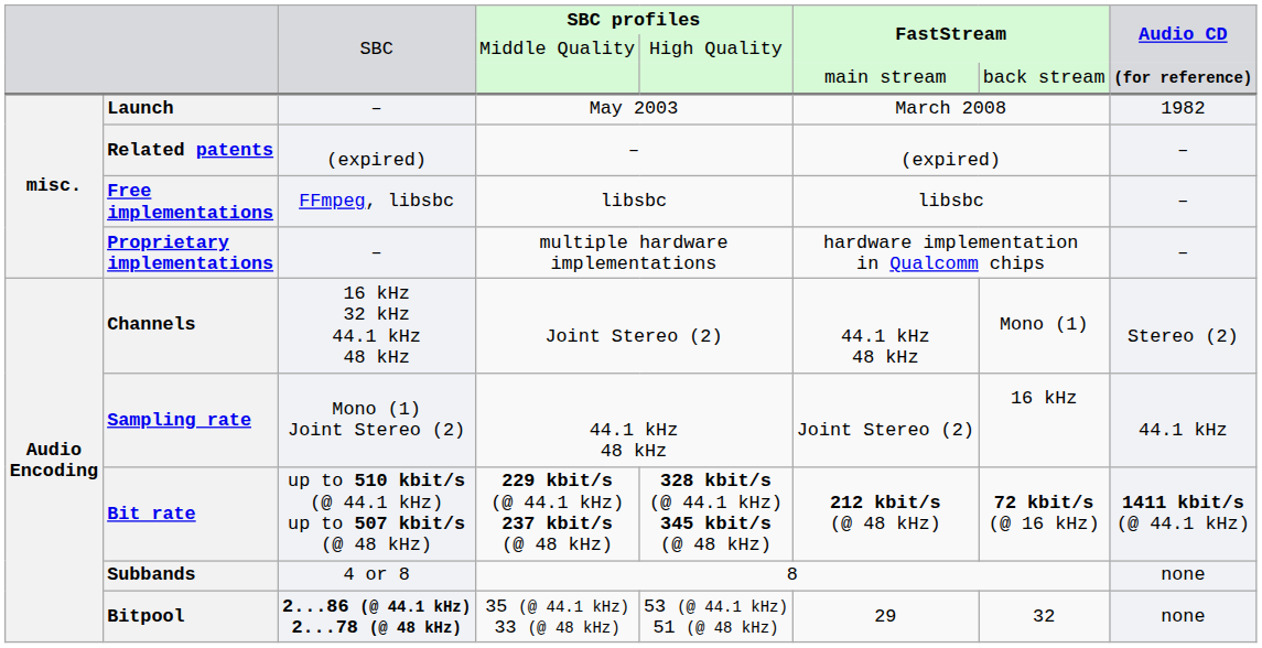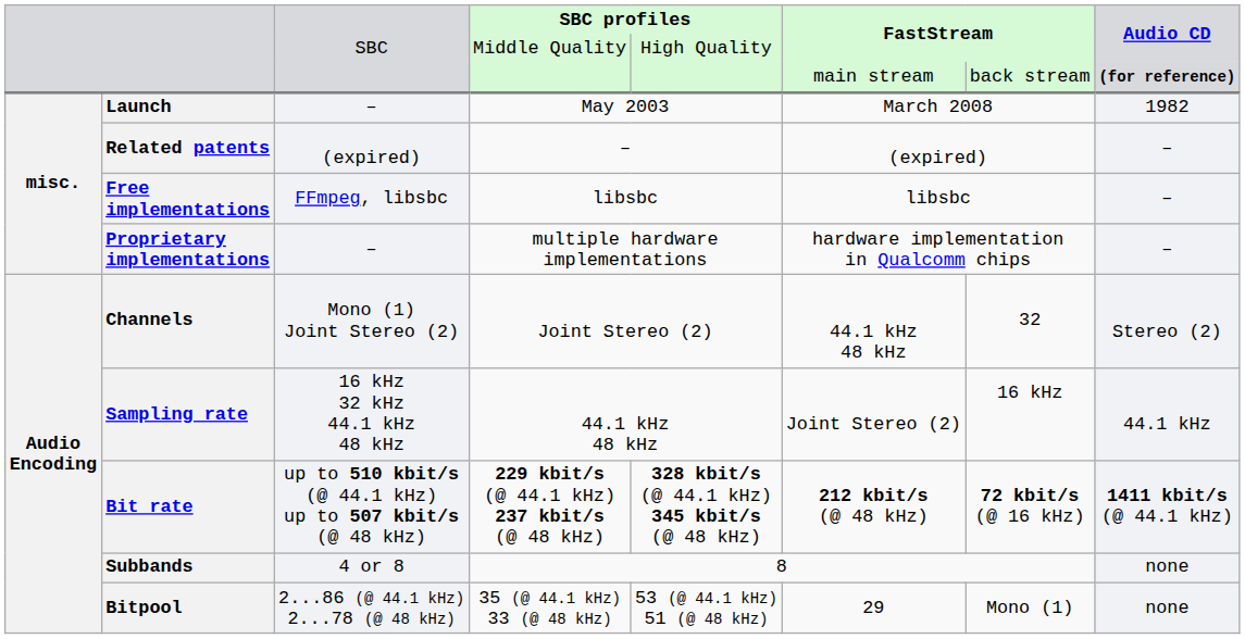 <table class="wikitable" style="text-align:center">
 <tr>
 <th rowspan="3" colspan="2" style="border-bottom:2px solid gray; background-color:#D8D9DD"></th>
 <th style="border-bottom:hidden; background-color:#D8D9DD; font-weight:lighter; border-bottom:2px solid gray" rowspan="3">SBC</th>
 <th style="border-bottom:hidden; background-color:#D6F9D6" colspan="2">SBC profiles</th>
 <th style="border-bottom:hidden; background-color:#D6F9D6" colspan="2" rowspan="2">FastStream</th>
 <th style="border-bottom:hidden; background-color:#D8D9DD" rowspan="2"><a href='#'>Audio CD</a></th>
 </tr>
 <tr>
 <th style="border-bottom:hidden; background-color:#D6F9D6; font-weight:lighter">Middle Quality</th>
 <th style="border-bottom:hidden; background-color:#D6F9D6; font-weight:lighter">High Quality</th>
 </tr>
 <tr>
 <th style="background-color:#D6F9D6; border-bottom:2px solid gray; font-weight:lighter"></th>
 <th style="background-color:#D6F9D6; border-bottom:2px solid gray; font-weight:lighter"></th>
 <th style="background-color:#D6F9D6; border-bottom:2px solid gray; font-weight:lighter">main stream</th>
 <th style="background-color:#D6F9D6; border-bottom:2px solid gray; font-weight:lighter">back stream</th>
 <th style="background-color:#D8D9DD; border-bottom:2px solid gray"><small>(for reference)</small></th>
 </tr>
 <tr>
 <th rowspan="4">misc.</th>
 <th style="text-align:left">Launch</th>
 <td style="background-color:#F0F2F6">–</td>
 <td colspan="2">May 2003</td>
 <td colspan="2">March 2008</td>
 <td style="background-color:#F0F2F6">1982</td>
 </tr>
 <tr>
 <th style="text-align:left">Related <a href='#'>patents</a></th>
 <td style="background-color:#F0F2F6"><br>(expired)</td>
 <td colspan="2">–</td>
 <td colspan="2"><br>(expired)</td>
 <td style="background-color:#F0F2F6">–</td>
 </tr>
 <tr>
 <th style="text-align:left"><a href='#'>Free<br>implementations</a></th>
 <td style="background-color:#F0F2F6"><a href='#'>FFmpeg</a>, libsbc</td>
 <td colspan="2">libsbc</td>
 <td colspan="2">libsbc</td>
 <td style="background-color:#F0F2F6">–</td>
 </tr>
 <tr>
 <th style="text-align:left"><a href='#'>Proprietary<br>implementations</a></th>
 <td style="background-color:#F0F2F6">–</td>
 <td colspan="2">multiple hardware<br>implementations</td>
 <td colspan="2">hardware implementation<br>in <a href='#'>Qualcomm</a> chips</td>
 <td style="background-color:#F0F2F6">–</td>
 </tr>
 <tr>
 <th rowspan="5">Audio<br>Encoding</th>
 <th style="text-align:left">Channels</th>
-<td style="background-color:#F0F2F6">16 kHz<br>32 kHz<br>44.1 kHz<br>48 kHz</td>
+<td style="background-color:#F0F2F6">Mono (1)<br>Joint Stereo (2)</td>
 <td colspan="2"><br>Joint Stereo (2)</td>
 <td><br><br>44.1 kHz<br>48 kHz</td>
-<td>Mono (1)<br></td>
+<td>32</td>
 <td style="background-color:#F0F2F6"><br>Stereo (2)</td>
 </tr>
 <tr>
 <th style="text-align:left"><a href='#'>Sampling rate</a></th>
-<td style="background-color:#F0F2F6">Mono (1)<br>Joint Stereo (2)</td>
+<td style="background-color:#F0F2F6">16 kHz<br>32 kHz<br>44.1 kHz<br>48 kHz</td>
 <td colspan="2"><br><br>44.1 kHz<br>48 kHz</td>
 <td><br>Joint Stereo (2)</td>
 <td>16 kHz<br><br><br></td>
 <td style="background-color:#F0F2F6"><br><br>44.1 kHz<br> </td>
 </tr>
 <tr>
 <th style="text-align:left"><a href='#'>Bit rate</a></th>
 <td style="background-color:#F0F2F6">up to <strong>510 kbit/s</strong><br>(@ 44.1 kHz)<br>up to <strong>507 kbit/s</strong><br>(@ 48 kHz)</td>
 <td><strong>229 kbit/s</strong><br>(@ 44.1 kHz)<br><strong>237 kbit/s</strong><br>(@ 48 kHz)</td>
 <td><strong>328 kbit/s</strong><br>(@ 44.1 kHz)<br><strong>345 kbit/s</strong><br>(@ 48 kHz)</td>
 <td><strong>212 kbit/s</strong><br>(@ 48 kHz)</td>
 <td><strong>72 kbit/s</strong><br>(@ 16 kHz)</td>
 <td style="background-color:#F0F2F6"><strong>1411 kbit/s</strong><br>(@ 44.1 kHz)</td>
 </tr>
 <tr>
 <th style="text-align:left">Subbands</th>
 <td style="background-color:#F0F2F6">4 or 8</td>
 <td colspan="4">8</td>
 <td style="background-color:#F0F2F6">none</td>
 </tr>
 <tr>
 <th style="text-align:left">Bitpool</th>
-<td style="background-color:#F0F2F6"><strong>2...86 <small>(@ 44.1 kHz)</small><br>2...78 <small>(@ 48 kHz)</small></strong></td>
+<td style="background-color:#F0F2F6">2...86 <small>(@ 44.1 kHz)</small><br>2...78 <small>(@ 48 kHz)</small></td>
 <td>35 <small>(@ 44.1 kHz)</small><br>33 <small>(@ 48 kHz)</small></td>
 <td>53 <small>(@ 44.1 kHz)</small><br>51 <small>(@ 48 kHz)</small></td>
 <td>29</td>
-<td>32</td>
+<td>Mono (1)<br></td>
 <td style="background-color:#F0F2F6">none</td>
 </tr>
 </table>
